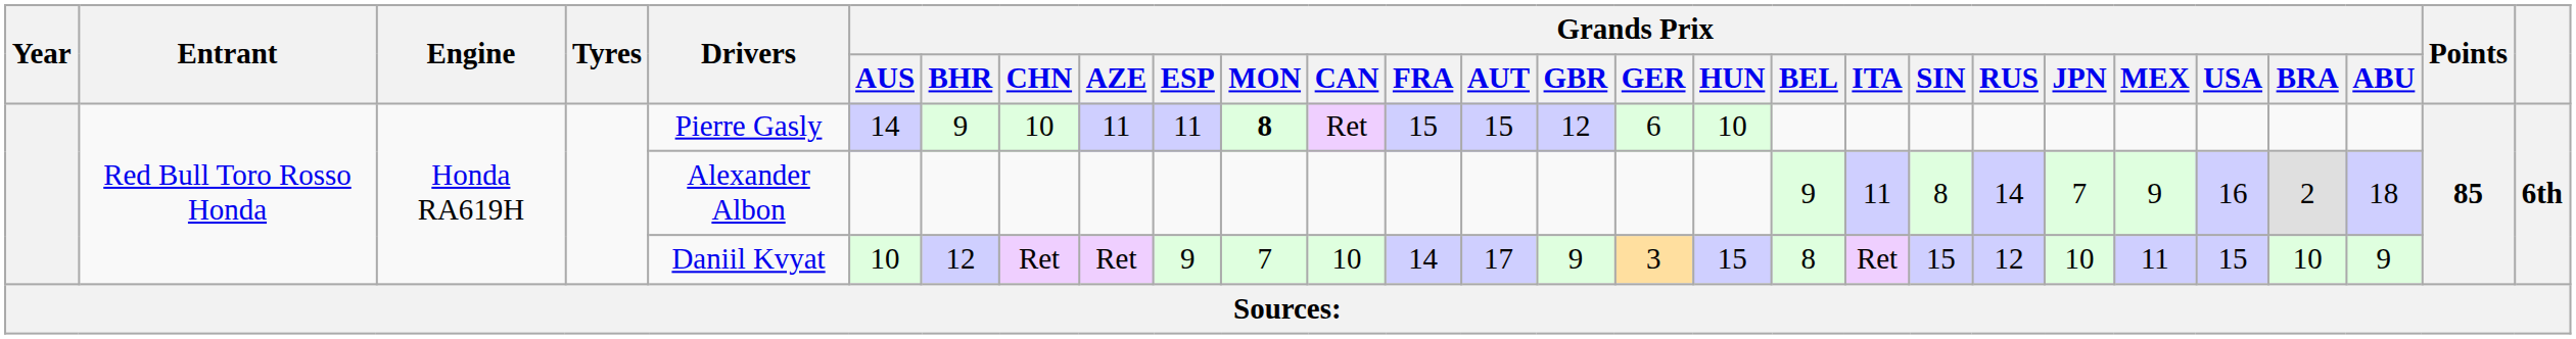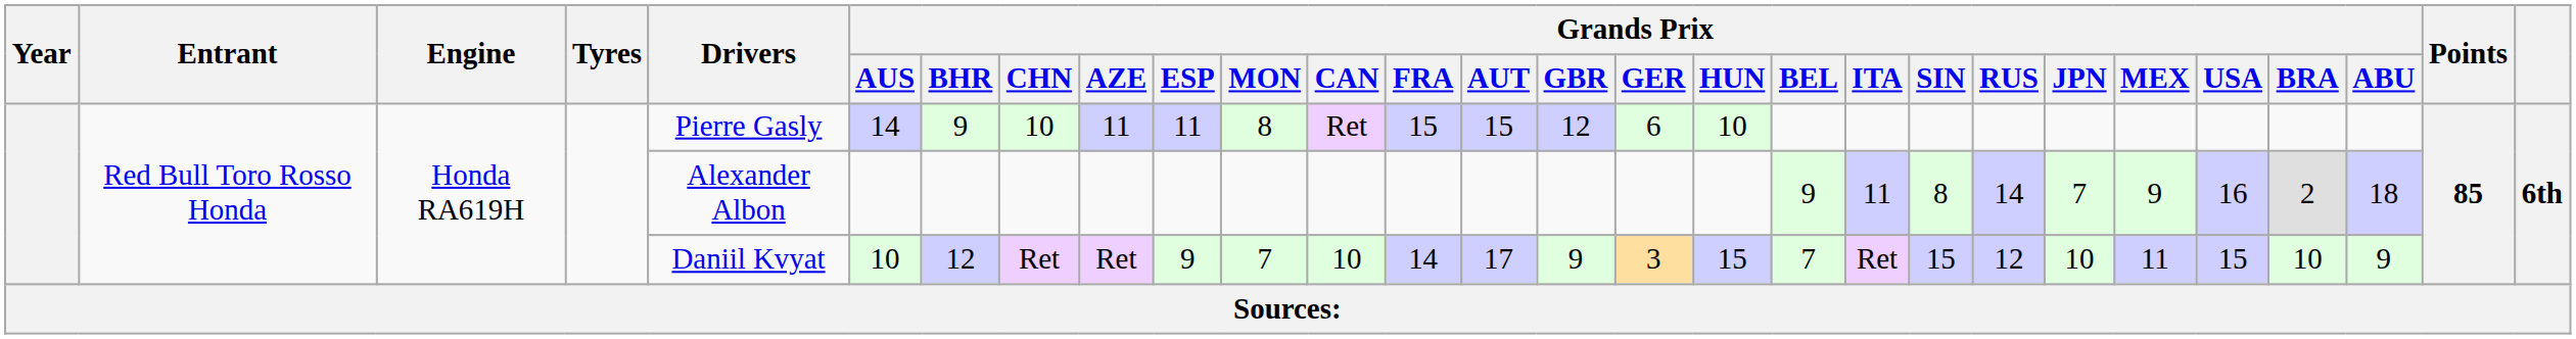 <table class="wikitable" style="text-align:center; font-size:90%">
 <tr>
 <th rowspan="2">Year</th>
 <th rowspan="2">Entrant</th>
 <th rowspan="2">Engine</th>
 <th rowspan="2">Tyres</th>
 <th rowspan="2">Drivers</th>
 <th colspan="21">Grands Prix</th>
 <th rowspan="2">Points</th>
 <th rowspan="2"></th>
 </tr>
 <tr>
 <th><a href='#'>AUS</a></th>
 <th><a href='#'>BHR</a></th>
 <th><a href='#'>CHN</a></th>
 <th><a href='#'>AZE</a></th>
 <th><a href='#'>ESP</a></th>
 <th><a href='#'>MON</a></th>
 <th><a href='#'>CAN</a></th>
 <th><a href='#'>FRA</a></th>
 <th><a href='#'>AUT</a></th>
 <th><a href='#'>GBR</a></th>
 <th><a href='#'>GER</a></th>
 <th><a href='#'>HUN</a></th>
 <th><a href='#'>BEL</a></th>
 <th><a href='#'>ITA</a></th>
 <th><a href='#'>SIN</a></th>
 <th><a href='#'>RUS</a></th>
 <th><a href='#'>JPN</a></th>
 <th><a href='#'>MEX</a></th>
 <th><a href='#'>USA</a></th>
 <th><a href='#'>BRA</a></th>
 <th><a href='#'>ABU</a></th>
 </tr>
 <tr>
 <th rowspan="3"></th>
 <td rowspan="3"><a href='#'>Red Bull Toro Rosso Honda</a></td>
 <td rowspan="3"><a href='#'>Honda</a> RA619H</td>
 <td rowspan="3"></td>
 <td> <a href='#'>Pierre Gasly</a></td>
 <td style="background:#CFCFFF;">14</td>
 <td style="background:#DFFFDF;">9</td>
 <td style="background:#DFFFDF;">10</td>
 <td style="background:#CFCFFF;">11</td>
 <td style="background:#CFCFFF;">11</td>
-<td style="background:#DFFFDF;"><strong>8</strong></td>
+<td style="background:#DFFFDF;">8</td>
 <td style="background:#EFCFFF;">Ret</td>
 <td style="background:#CFCFFF;">15</td>
 <td style="background:#CFCFFF;">15</td>
 <td style="background:#CFCFFF;">12</td>
 <td style="background:#DFFFDF;">6</td>
 <td style="background:#DFFFDF;">10</td>
 <td></td>
 <td></td>
 <td></td>
 <td></td>
 <td></td>
 <td></td>
 <td></td>
 <td></td>
 <td></td>
 <th rowspan="3">85</th>
 <th rowspan="3">6th</th>
 </tr>
 <tr>
 <td> <a href='#'>Alexander Albon</a></td>
 <td></td>
 <td></td>
 <td></td>
 <td></td>
 <td></td>
 <td></td>
 <td></td>
 <td></td>
 <td></td>
 <td></td>
 <td></td>
 <td></td>
 <td style="background:#DFFFDF;">9</td>
 <td style="background:#CFCFFF;">11</td>
 <td style="background:#DFFFDF;">8</td>
 <td style="background:#CFCFFF;">14</td>
 <td style="background:#DFFFDF;">7</td>
 <td style="background:#DFFFDF;">9</td>
 <td style="background:#CFCFFF;">16</td>
 <td style="background:#dfdfdf">2</td>
 <td style="background:#CFCFFF;">18</td>
 </tr>
 <tr>
 <td> <a href='#'>Daniil Kvyat</a></td>
 <td style="background:#DFFFDF;">10</td>
 <td style="background:#CFCFFF;">12</td>
 <td style="background:#EFCFFF;">Ret</td>
 <td style="background:#EFCFFF;">Ret</td>
 <td style="background:#DFFFDF;">9</td>
 <td style="background:#DFFFDF;">7</td>
 <td style="background:#DFFFDF;">10</td>
 <td style="background:#CFCFFF;">14</td>
 <td style="background:#CFCFFF;">17</td>
 <td style="background:#DFFFDF;">9</td>
 <td style="background:#ffdf9f;">3</td>
 <td style="background:#CFCFFF;">15</td>
-<td style="background:#DFFFDF;">8</td>
+<td style="background:#DFFFDF;">7</td>
 <td style="background:#EFCFFF;">Ret</td>
 <td style="background:#CFCFFF;">15</td>
 <td style="background:#CFCFFF;">12</td>
 <td style="background:#DFFFDF;">10</td>
 <td style="background:#CFCFFF;">11</td>
 <td style="background:#CFCFFF;">15</td>
 <td style="background:#DFFFDF;">10</td>
 <td style="background:#DFFFDF;">9</td>
 </tr>
 <tr>
 <th colspan="28">Sources:</th>
 </tr>
 </table>
